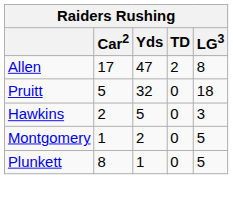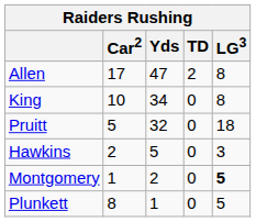 <table class="wikitable">
 <tr>
 <th colspan="5">Raiders Rushing</th>
 </tr>
 <tr>
 <th></th>
 <th>Car<sup>2</sup></th>
 <th>Yds</th>
 <th>TD</th>
 <th>LG<sup>3</sup></th>
 </tr>
 <tr>
 <td><a href='#'>Allen</a></td>
 <td>17</td>
 <td>47</td>
 <td>2</td>
+<td>8</td>
+</tr>
+<tr>
+<td><a href='#'>King</a></td>
+<td>10</td>
+<td>34</td>
+<td>0</td>
 <td>8</td>
 </tr>
 <tr>
 <td><a href='#'>Pruitt</a></td>
 <td>5</td>
 <td>32</td>
 <td>0</td>
 <td>18</td>
 </tr>
 <tr>
 <td><a href='#'>Hawkins</a></td>
 <td>2</td>
 <td>5</td>
 <td>0</td>
 <td>3</td>
 </tr>
 <tr>
 <td><a href='#'>Montgomery</a></td>
 <td>1</td>
 <td>2</td>
 <td>0</td>
-<td>5</td>
+<td><strong>5</strong></td>
 </tr>
 <tr>
 <td><a href='#'>Plunkett</a></td>
 <td>8</td>
 <td>1</td>
 <td>0</td>
 <td>5</td>
 </tr>
 </table>
